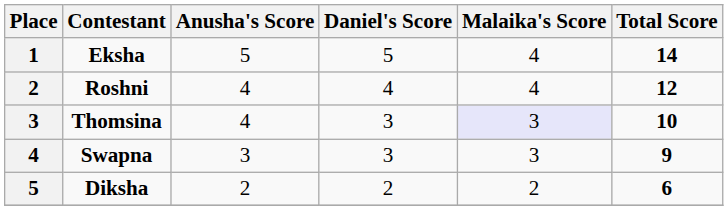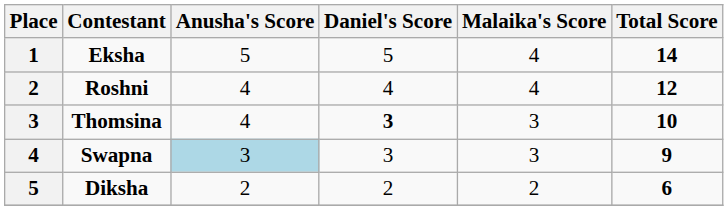 <table class="wikitable" style="text-align:center">
 <tr>
 <th>Place</th>
 <th>Contestant</th>
 <th scope="col">Anusha's Score</th>
 <th>Daniel's Score</th>
 <th>Malaika's Score</th>
 <th>Total Score</th>
 </tr>
 <tr>
 <th>1</th>
 <td><strong>Eksha</strong></td>
 <td>5</td>
 <td>5</td>
 <td>4</td>
 <td><strong>14</strong></td>
 </tr>
 <tr>
 <th>2</th>
 <td><strong>Roshni</strong></td>
 <td>4</td>
 <td>4</td>
 <td>4</td>
 <td><strong>12</strong></td>
 </tr>
 <tr>
 <th>3</th>
 <td><strong>Thomsina</strong></td>
 <td>4</td>
+<td><strong>3</strong></td>
 <td>3</td>
-<td style="background: lavender;">3</td>
 <td><strong>10</strong></td>
 </tr>
 <tr>
 <th>4</th>
 <td><strong>Swapna</strong></td>
-<td>3</td>
+<td style="background: lightblue;">3</td>
 <td>3</td>
 <td>3</td>
 <td><strong>9</strong></td>
 </tr>
 <tr>
 <th>5</th>
 <td><strong>Diksha</strong></td>
 <td>2</td>
 <td>2</td>
 <td>2</td>
 <td><strong>6</strong></td>
 </tr>
 <tr>
 </tr>
 </table>
